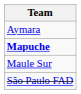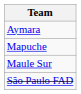 <table class=wikitable>
 <tr>
 <th>Team</th>
 </tr>
 <tr>
 <td> <a href='#'>Aymara</a></td>
 </tr>
 <tr>
-<td><strong> <a href='#'>Mapuche</a></strong></td>
+<td> <a href='#'>Mapuche</a></td>
 </tr>
 <tr>
 <td> <a href='#'>Maule Sur</a></td>
 </tr>
 <tr>
 <td><s> <a href='#'>São Paulo FAD</a></s></td>
 </tr>
 </table>
